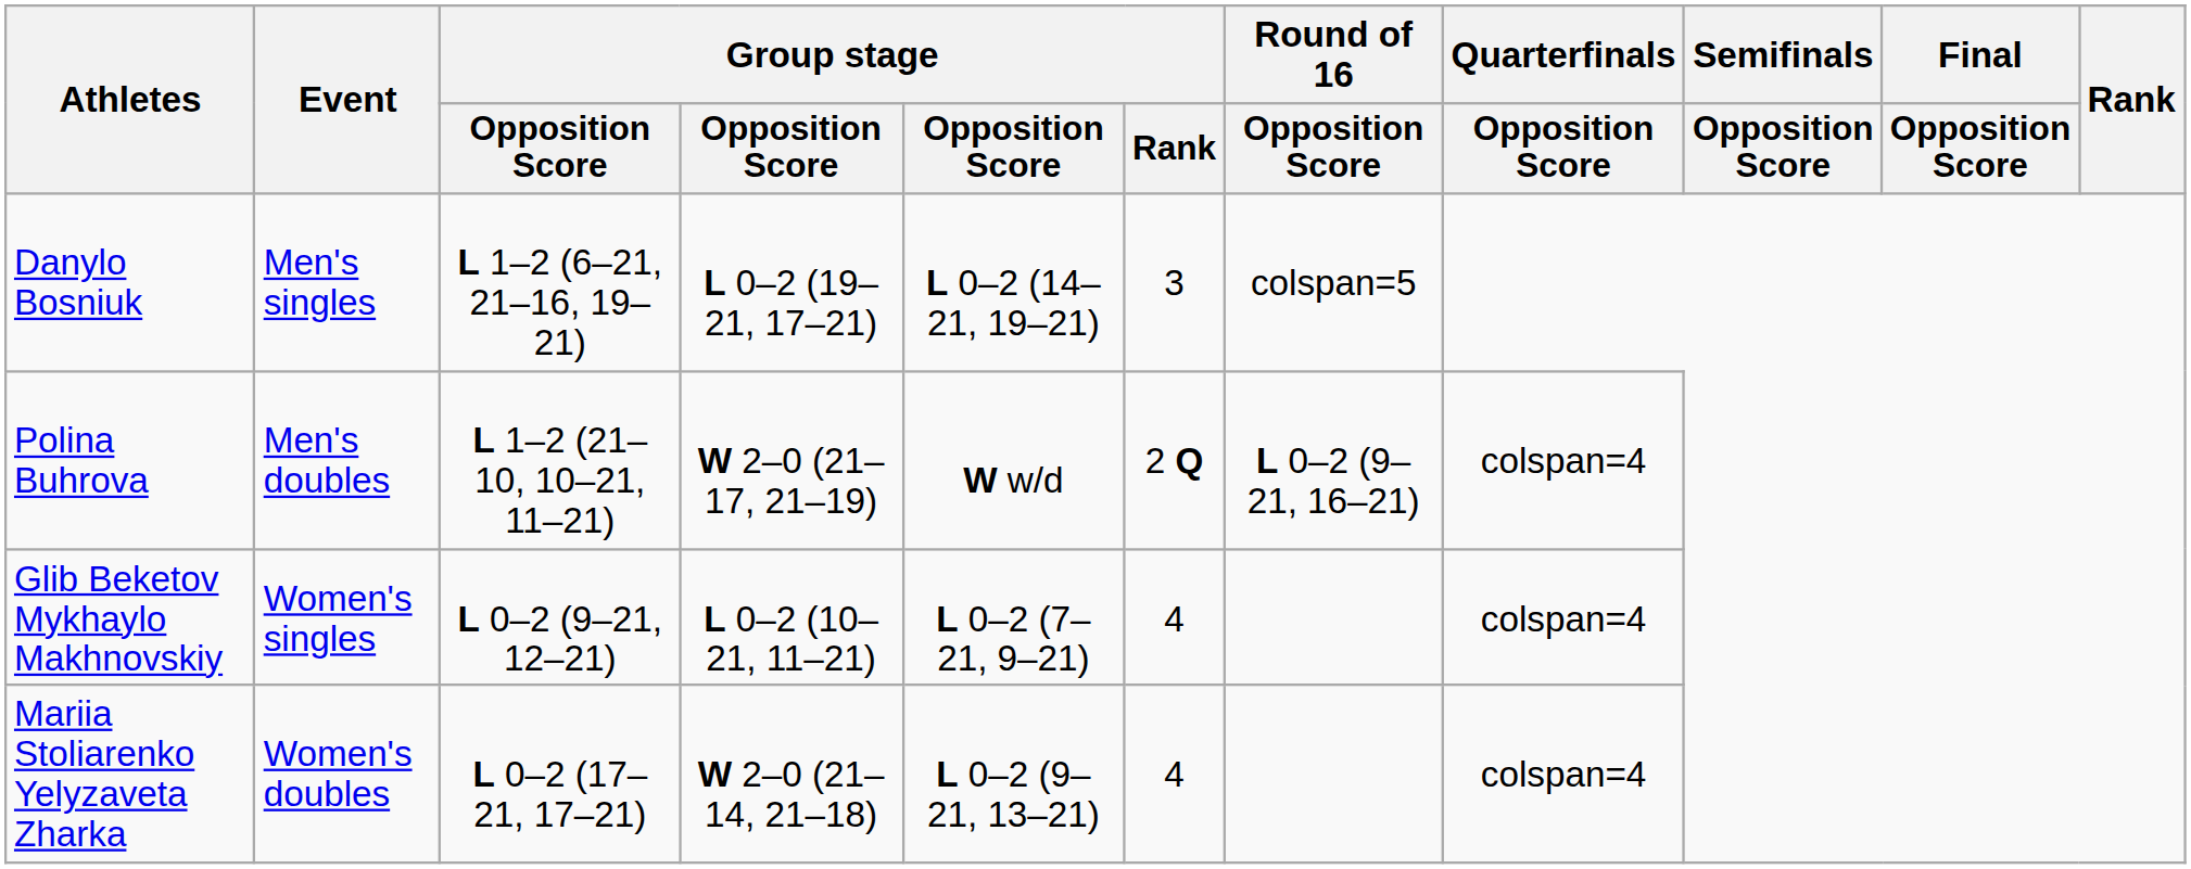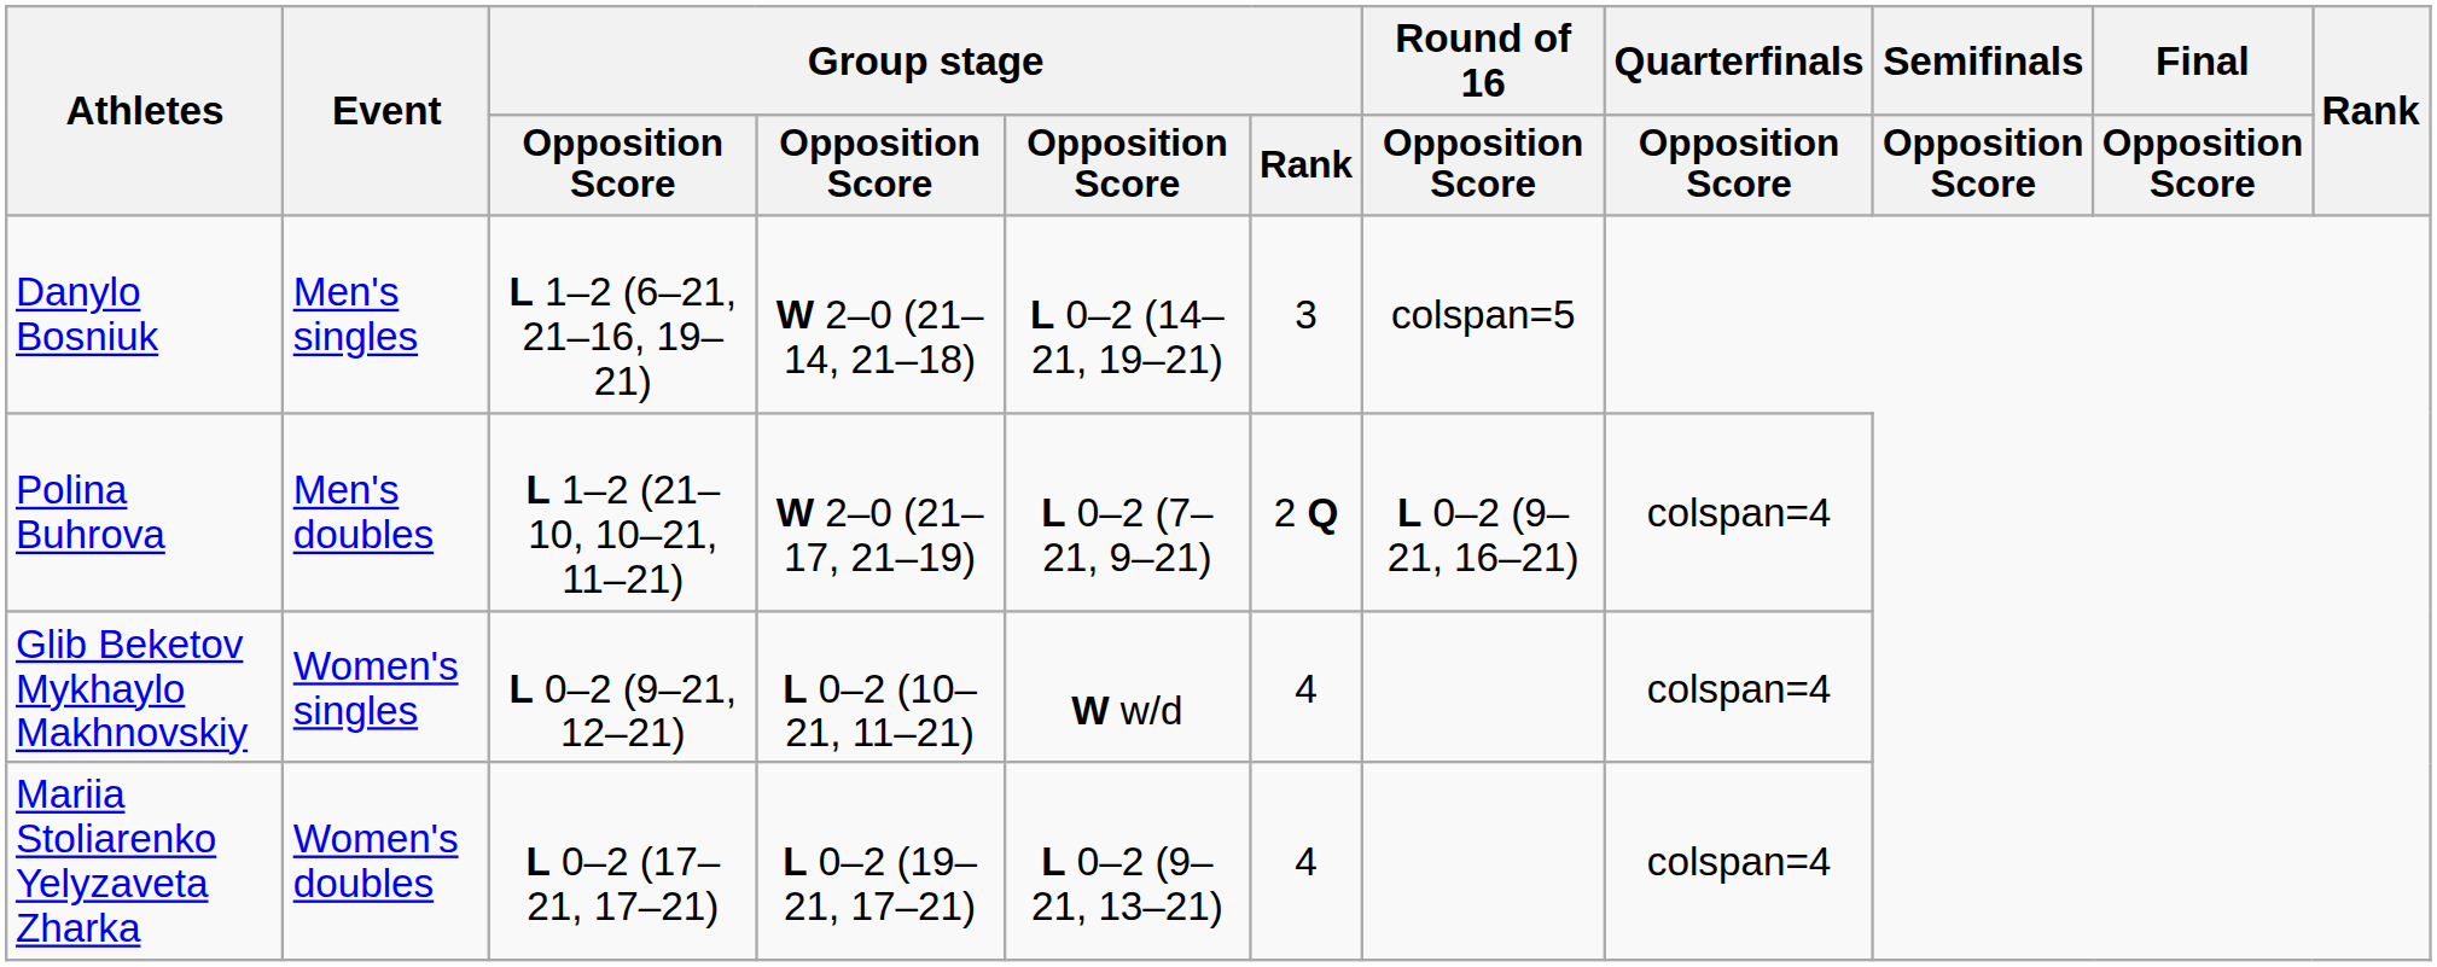 <table class="wikitable" style="font-size:90%">
 <tr>
 <th rowspan="2">Athletes</th>
 <th rowspan="2">Event</th>
 <th colspan="4">Group stage</th>
 <th>Round of 16</th>
 <th>Quarterfinals</th>
 <th>Semifinals</th>
 <th>Final</th>
 <th rowspan="2">Rank</th>
 </tr>
 <tr style="font-size:95%">
 <th>Opposition<br>Score</th>
 <th>Opposition<br>Score</th>
 <th>Opposition<br>Score</th>
 <th>Rank</th>
 <th>Opposition<br>Score</th>
 <th>Opposition<br>Score</th>
 <th>Opposition<br>Score</th>
 <th>Opposition<br>Score</th>
 </tr>
 <tr align="center">
 <td align="left"><a href='#'>Danylo Bosniuk</a></td>
 <td align="left"><a href='#'>Men's singles</a></td>
 <td><br><strong>L</strong> 1–2 (6–21, 21–16, 19–21)</td>
-<td><br><strong>L</strong> 0–2 (19–21, 17–21)</td>
+<td><br><strong>W</strong> 2–0 (21–14, 21–18)</td>
 <td><br><strong>L</strong> 0–2 (14–21, 19–21)</td>
 <td>3</td>
 <td>colspan=5 </td>
 </tr>
 <tr align="center">
 <td align="left"><a href='#'>Polina Buhrova</a></td>
 <td align="left"><a href='#'>Men's doubles</a></td>
 <td><br><strong>L</strong> 1–2 (21–10, 10–21, 11–21)</td>
 <td><br><strong>W</strong> 2–0 (21–17, 21–19)</td>
-<td><br><strong>W</strong> w/d</td>
+<td><br><strong>L</strong> 0–2 (7–21, 9–21)</td>
 <td>2 <strong>Q</strong></td>
 <td><br><strong>L</strong> 0–2 (9–21, 16–21)</td>
 <td>colspan=4 </td>
 </tr>
 <tr align="center">
 <td align="left"><a href='#'>Glib Beketov</a><br><a href='#'>Mykhaylo Makhnovskiy</a></td>
 <td align="left"><a href='#'>Women's singles</a></td>
 <td><br><strong>L</strong> 0–2 (9–21, 12–21)</td>
 <td><br><strong>L</strong> 0–2 (10–21, 11–21)</td>
-<td><br><strong>L</strong> 0–2 (7–21, 9–21)</td>
+<td><br><strong>W</strong> w/d</td>
 <td>4</td>
 <td></td>
 <td>colspan=4 </td>
 </tr>
 <tr align="center">
 <td align="left"><a href='#'>Mariia Stoliarenko</a><br><a href='#'>Yelyzaveta Zharka</a></td>
 <td align="left"><a href='#'>Women's doubles</a></td>
 <td><br><strong>L</strong> 0–2 (17–21, 17–21)</td>
-<td><br><strong>W</strong> 2–0 (21–14, 21–18)</td>
+<td><br><strong>L</strong> 0–2 (19–21, 17–21)</td>
 <td><br><strong>L</strong> 0–2 (9–21, 13–21)</td>
 <td>4</td>
 <td></td>
 <td>colspan=4 </td>
 </tr>
 </table>
